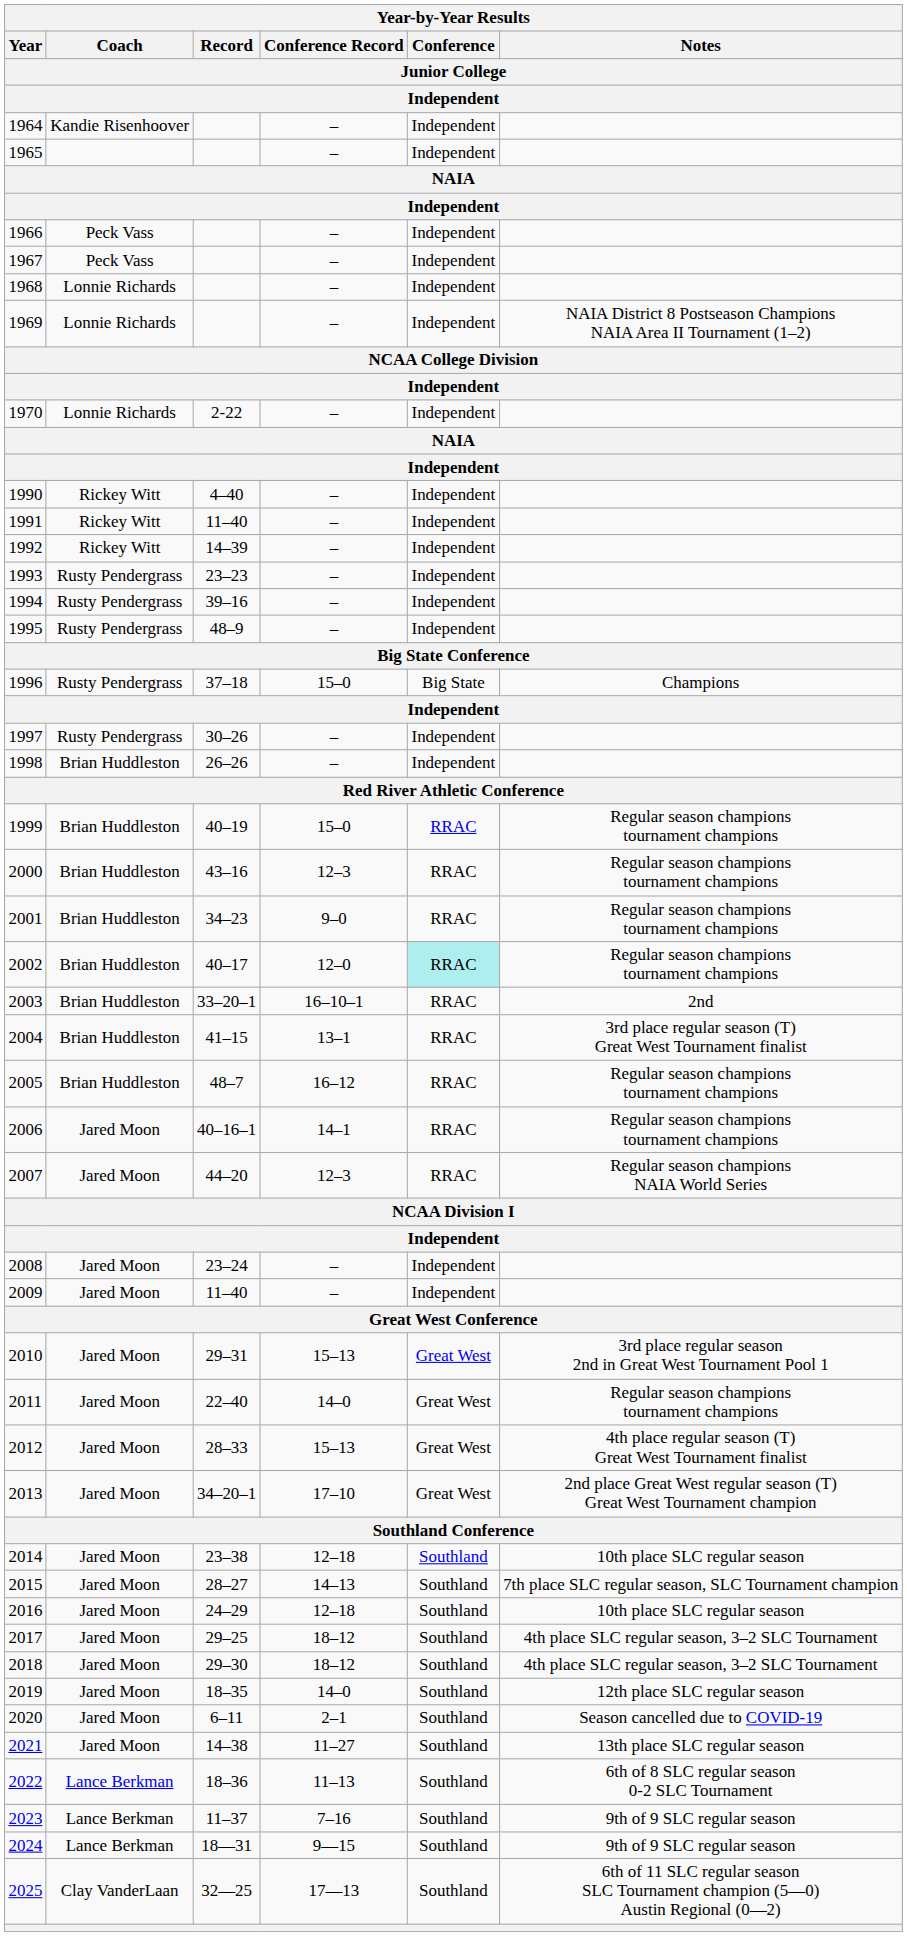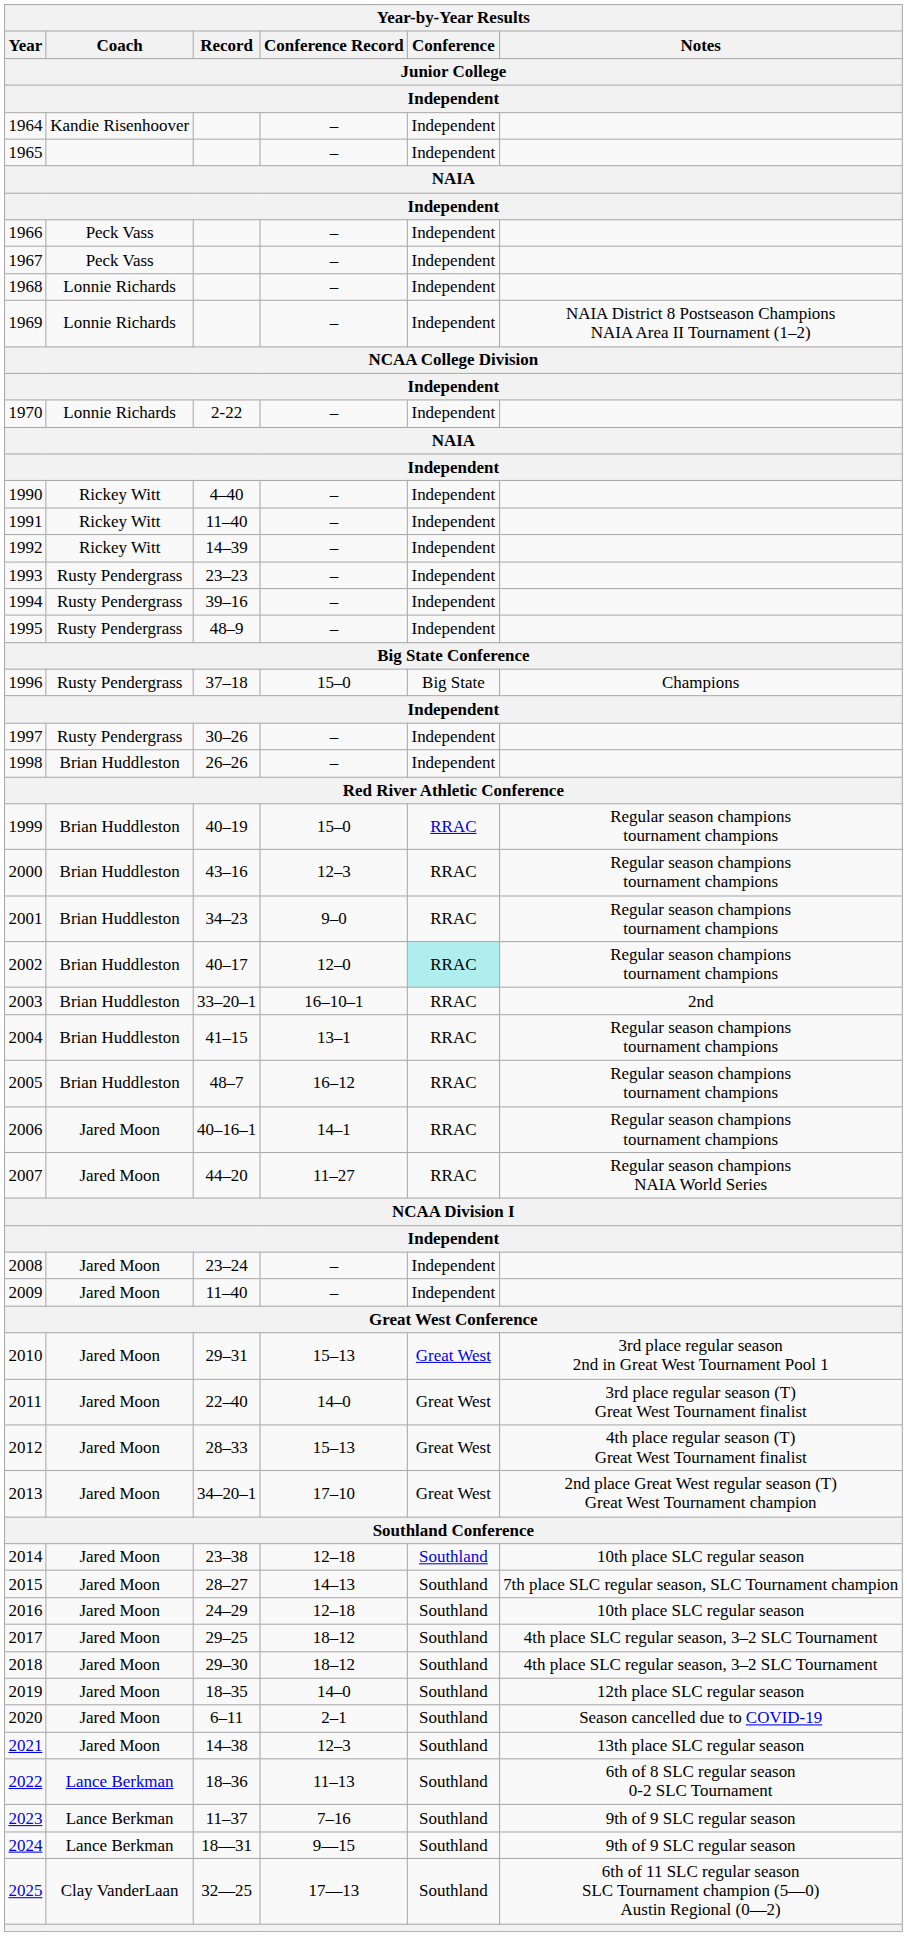 <table class="wikitable sortable collapsible" style="text-align:center">
 <tr>
 <th colspan=6>Year-by-Year Results</th>
 </tr>
 <tr>
 <th>Year</th>
 <th>Coach</th>
 <th>Record</th>
 <th>Conference Record</th>
 <th>Conference</th>
 <th>Notes</th>
 </tr>
 <tr>
 <th colspan=6>Junior College</th>
 </tr>
 <tr>
 <th colspan=6>Independent</th>
 </tr>
 <tr>
 <td>1964</td>
 <td>Kandie Risenhoover</td>
 <td></td>
 <td>–</td>
 <td>Independent</td>
 <td></td>
 </tr>
 <tr>
 <td>1965</td>
 <td></td>
 <td></td>
 <td>–</td>
 <td>Independent</td>
 <td></td>
 </tr>
 <tr>
 <th colspan=6>NAIA</th>
 </tr>
 <tr>
 <th colspan=6>Independent</th>
 </tr>
 <tr>
 <td>1966</td>
 <td>Peck Vass</td>
 <td></td>
 <td>–</td>
 <td>Independent</td>
 <td></td>
 </tr>
 <tr>
 <td>1967</td>
 <td>Peck Vass</td>
 <td></td>
 <td>–</td>
 <td>Independent</td>
 <td></td>
 </tr>
 <tr>
 <td>1968</td>
 <td>Lonnie Richards</td>
 <td></td>
 <td>–</td>
 <td>Independent</td>
 <td></td>
 </tr>
 <tr>
 <td>1969</td>
 <td>Lonnie Richards</td>
 <td></td>
 <td>–</td>
 <td>Independent</td>
 <td>NAIA District 8 Postseason Champions <br> NAIA Area II Tournament (1–2)</td>
 </tr>
 <tr>
 <th colspan=6>NCAA College Division</th>
 </tr>
 <tr>
 <th colspan=6>Independent</th>
 </tr>
 <tr>
 <td>1970</td>
 <td>Lonnie Richards</td>
 <td>2-22</td>
 <td>–</td>
 <td>Independent</td>
 <td></td>
 </tr>
 <tr>
 <th colspan=6>NAIA</th>
 </tr>
 <tr>
 <th colspan=6>Independent</th>
 </tr>
 <tr>
 <td>1990</td>
 <td>Rickey Witt</td>
 <td>4–40</td>
 <td>–</td>
 <td>Independent</td>
 <td></td>
 </tr>
 <tr>
 <td>1991</td>
 <td>Rickey Witt</td>
 <td>11–40</td>
 <td>–</td>
 <td>Independent</td>
 <td></td>
 </tr>
 <tr>
 <td>1992</td>
 <td>Rickey Witt</td>
 <td>14–39</td>
 <td>–</td>
 <td>Independent</td>
 <td></td>
 </tr>
 <tr>
 <td>1993</td>
 <td>Rusty Pendergrass</td>
 <td>23–23</td>
 <td>–</td>
 <td>Independent</td>
 <td></td>
 </tr>
 <tr>
 <td>1994</td>
 <td>Rusty Pendergrass</td>
 <td>39–16</td>
 <td>–</td>
 <td>Independent</td>
 <td></td>
 </tr>
 <tr>
 <td>1995</td>
 <td>Rusty Pendergrass</td>
 <td>48–9</td>
 <td>–</td>
 <td>Independent</td>
 <td></td>
 </tr>
 <tr>
 <th colspan=6>Big State Conference</th>
 </tr>
 <tr>
 <td>1996</td>
 <td>Rusty Pendergrass</td>
 <td>37–18</td>
 <td>15–0</td>
 <td>Big State</td>
 <td>Champions</td>
 </tr>
 <tr>
 <th colspan=6>Independent</th>
 </tr>
 <tr>
 <td>1997</td>
 <td>Rusty Pendergrass</td>
 <td>30–26</td>
 <td>–</td>
 <td>Independent</td>
 <td></td>
 </tr>
 <tr>
 <td>1998</td>
 <td>Brian Huddleston</td>
 <td>26–26</td>
 <td>–</td>
 <td>Independent</td>
 <td></td>
 </tr>
 <tr>
 <th colspan=6>Red River Athletic Conference</th>
 </tr>
 <tr>
 <td>1999</td>
 <td>Brian Huddleston</td>
 <td>40–19</td>
 <td>15–0</td>
 <td><a href='#'>RRAC</a></td>
 <td>Regular season champions<br> tournament champions</td>
 </tr>
 <tr>
 <td>2000</td>
 <td>Brian Huddleston</td>
 <td>43–16</td>
 <td>12–3</td>
 <td>RRAC</td>
 <td>Regular season champions<br> tournament champions</td>
 </tr>
 <tr>
 <td>2001</td>
 <td>Brian Huddleston</td>
 <td>34–23</td>
 <td>9–0</td>
 <td>RRAC</td>
 <td>Regular season champions<br> tournament champions</td>
 </tr>
 <tr>
 <td>2002</td>
 <td>Brian Huddleston</td>
 <td>40–17</td>
 <td>12–0</td>
 <td style="background: paleturquoise;">RRAC</td>
 <td>Regular season champions<br> tournament champions</td>
 </tr>
 <tr>
 <td>2003</td>
 <td>Brian Huddleston</td>
 <td>33–20–1</td>
 <td>16–10–1</td>
 <td>RRAC</td>
 <td>2nd</td>
 </tr>
 <tr>
 <td>2004</td>
 <td>Brian Huddleston</td>
 <td>41–15</td>
 <td>13–1</td>
 <td>RRAC</td>
-<td>3rd place regular season (T)<br>Great West Tournament finalist</td>
+<td>Regular season champions<br> tournament champions</td>
 </tr>
 <tr>
 <td>2005</td>
 <td>Brian Huddleston</td>
 <td>48–7</td>
 <td>16–12</td>
 <td>RRAC</td>
 <td>Regular season champions<br> tournament champions</td>
 </tr>
 <tr>
 <td>2006</td>
 <td>Jared Moon</td>
 <td>40–16–1</td>
 <td>14–1</td>
 <td>RRAC</td>
 <td>Regular season champions<br> tournament champions</td>
 </tr>
 <tr>
 <td>2007</td>
 <td>Jared Moon</td>
 <td>44–20</td>
-<td>12–3</td>
+<td>11–27</td>
 <td>RRAC</td>
 <td>Regular season champions<br>NAIA World Series</td>
 </tr>
 <tr>
 <th colspan=6>NCAA Division I</th>
 </tr>
 <tr>
 <th colspan=6>Independent</th>
 </tr>
 <tr>
 <td>2008</td>
 <td>Jared Moon</td>
 <td>23–24</td>
 <td>–</td>
 <td>Independent</td>
 <td></td>
 </tr>
 <tr>
 <td>2009</td>
 <td>Jared Moon</td>
 <td>11–40</td>
 <td>–</td>
 <td>Independent</td>
 <td></td>
 </tr>
 <tr>
 <th colspan=6>Great West Conference</th>
 </tr>
 <tr>
 <td>2010</td>
 <td>Jared Moon</td>
 <td>29–31</td>
 <td>15–13</td>
 <td><a href='#'>Great West</a></td>
 <td>3rd place regular season<br>2nd in Great West Tournament Pool 1</td>
 </tr>
 <tr>
 <td>2011</td>
 <td>Jared Moon</td>
 <td>22–40</td>
 <td>14–0</td>
 <td>Great West</td>
-<td>Regular season champions<br> tournament champions</td>
+<td>3rd place regular season (T)<br>Great West Tournament finalist</td>
 </tr>
 <tr>
 <td>2012</td>
 <td>Jared Moon</td>
 <td>28–33</td>
 <td>15–13</td>
 <td>Great West</td>
 <td>4th place regular season (T)<br>Great West Tournament finalist</td>
 </tr>
 <tr>
 <td>2013</td>
 <td>Jared Moon</td>
 <td>34–20–1</td>
 <td>17–10</td>
 <td>Great West</td>
 <td>2nd place Great West regular season (T)<br>Great West Tournament champion</td>
 </tr>
 <tr>
 <th colspan=6>Southland Conference</th>
 </tr>
 <tr>
 <td>2014</td>
 <td>Jared Moon</td>
 <td>23–38</td>
 <td>12–18</td>
 <td><a href='#'>Southland</a></td>
 <td>10th place SLC regular season</td>
 </tr>
 <tr>
 <td>2015</td>
 <td>Jared Moon</td>
 <td>28–27</td>
 <td>14–13</td>
 <td>Southland</td>
 <td>7th place SLC regular season, SLC Tournament champion</td>
 </tr>
 <tr>
 <td>2016</td>
 <td>Jared Moon</td>
 <td>24–29</td>
 <td>12–18</td>
 <td>Southland</td>
 <td>10th place SLC regular season</td>
 </tr>
 <tr>
 <td>2017</td>
 <td>Jared Moon</td>
 <td>29–25</td>
 <td>18–12</td>
 <td>Southland</td>
 <td>4th place SLC regular season, 3–2 SLC Tournament</td>
 </tr>
 <tr>
 <td>2018</td>
 <td>Jared Moon</td>
 <td>29–30</td>
 <td>18–12</td>
 <td>Southland</td>
 <td>4th place SLC regular season, 3–2 SLC Tournament</td>
 </tr>
 <tr>
 <td>2019</td>
 <td>Jared Moon</td>
 <td>18–35</td>
 <td>14–0</td>
 <td>Southland</td>
 <td>12th place SLC regular season</td>
 </tr>
 <tr>
 <td>2020</td>
 <td>Jared Moon</td>
 <td>6–11</td>
 <td>2–1</td>
 <td>Southland</td>
 <td>Season cancelled due to <a href='#'>COVID-19</a></td>
 </tr>
 <tr>
 <td><a href='#'>2021</a></td>
 <td>Jared Moon</td>
 <td>14–38</td>
-<td>11–27</td>
+<td>12–3</td>
 <td>Southland</td>
 <td>13th place SLC regular season</td>
 </tr>
 <tr>
 <td><a href='#'>2022</a></td>
 <td><a href='#'>Lance Berkman</a></td>
 <td>18–36</td>
 <td>11–13</td>
 <td>Southland</td>
 <td>6th of 8 SLC regular season<br>0-2 SLC Tournament </td>
 </tr>
 <tr>
 <td><a href='#'>2023</a></td>
 <td>Lance Berkman</td>
 <td>11–37</td>
 <td>7–16</td>
 <td>Southland</td>
 <td>9th of 9 SLC regular season </td>
 </tr>
 <tr>
 <td><a href='#'>2024</a></td>
 <td>Lance Berkman</td>
 <td>18—31</td>
 <td>9—15</td>
 <td>Southland</td>
 <td>9th of 9 SLC regular season</td>
 </tr>
 <tr>
 <td><a href='#'>2025</a></td>
 <td>Clay VanderLaan</td>
 <td>32—25</td>
 <td>17—13</td>
 <td>Southland</td>
 <td>6th of 11 SLC regular season <br> SLC Tournament champion (5—0) <br> Austin Regional (0—2)</td>
 </tr>
 <tr>
 <th colspan=6></th>
 </tr>
 </table>
